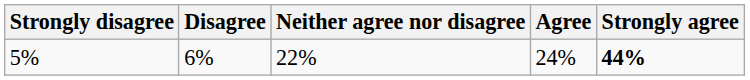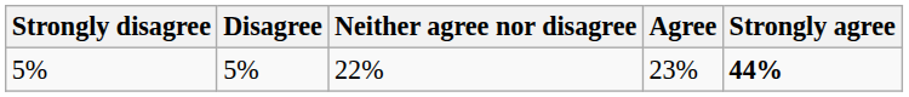 <table class="wikitable">
 <tr>
 <th>Strongly disagree</th>
 <th>Disagree</th>
 <th>Neither agree nor disagree</th>
 <th>Agree</th>
 <th>Strongly agree</th>
 </tr>
 <tr>
 <td>5%</td>
-<td>6%</td>
+<td>5%</td>
 <td>22%</td>
-<td>24%</td>
+<td>23%</td>
 <td><strong>44%</strong></td>
 </tr>
 </table>
